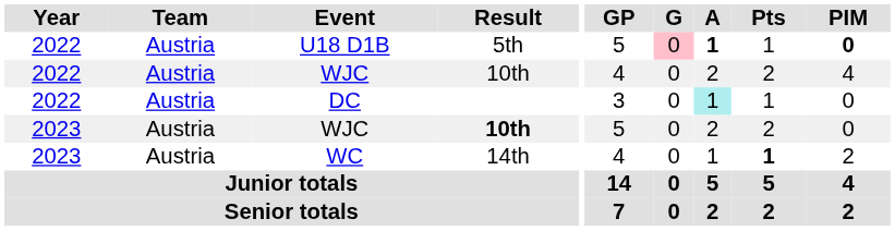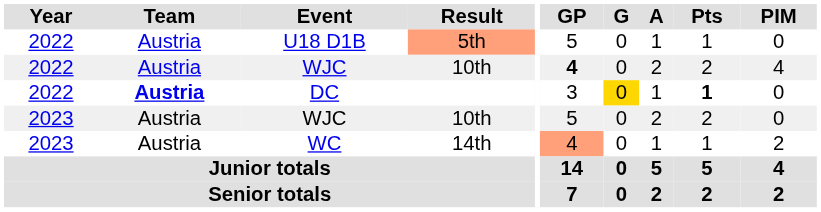 <table border="0" cellpadding="1" cellspacing="0" ID="Table3" style="text-align:center; width:40em;">
 <tr bgcolor="#e0e0e0">
 <th>Year</th>
 <th>Team</th>
 <th>Event</th>
 <th>Result</th>
 <th rowspan="99" bgcolor="#ffffff"></th>
 <th>GP</th>
 <th>G</th>
 <th>A</th>
 <th>Pts</th>
 <th>PIM</th>
 </tr>
 <tr>
 <td><a href='#'>2022</a></td>
 <td><a href='#'>Austria</a></td>
 <td><a href='#'>U18 D1B</a></td>
-<td>5th</td>
+<td style="background: lightsalmon;">5th</td>
 <td>5</td>
-<td style="background: pink;">0</td>
-<td><strong>1</strong></td>
+<td>0</td>
 <td>1</td>
-<td><strong>0</strong></td>
+<td>1</td>
+<td>0</td>
 </tr>
 <tr bgcolor="#f0f0f0">
 <td><a href='#'>2022</a></td>
 <td><a href='#'>Austria</a></td>
 <td><a href='#'>WJC</a></td>
 <td>10th</td>
-<td>4</td>
+<td><strong>4</strong></td>
 <td>0</td>
 <td>2</td>
 <td>2</td>
 <td>4</td>
 </tr>
 <tr>
 <td><a href='#'>2022</a></td>
-<td><a href='#'>Austria</a></td>
+<td><strong><a href='#'>Austria</a></strong></td>
 <td><a href='#'>DC</a></td>
 <td></td>
 <td>3</td>
-<td>0</td>
-<td style="background: paleturquoise;">1</td>
+<td style="background: gold;">0</td>
 <td>1</td>
+<td><strong>1</strong></td>
 <td>0</td>
 </tr>
 <tr bgcolor="#f0f0f0">
 <td><a href='#'>2023</a></td>
 <td>Austria</td>
 <td>WJC</td>
-<td><strong>10th</strong></td>
+<td>10th</td>
 <td>5</td>
 <td>0</td>
 <td>2</td>
 <td>2</td>
 <td>0</td>
 </tr>
 <tr>
 <td><a href='#'>2023</a></td>
 <td>Austria</td>
 <td><a href='#'>WC</a></td>
 <td>14th</td>
-<td>4</td>
+<td style="background: lightsalmon;">4</td>
 <td>0</td>
 <td>1</td>
-<td><strong>1</strong></td>
+<td>1</td>
 <td>2</td>
 </tr>
 <tr bgcolor="#e0e0e0">
 <th colspan="4">Junior totals</th>
 <th>14</th>
 <th>0</th>
 <th>5</th>
 <th>5</th>
 <th>4</th>
 </tr>
 <tr bgcolor="#e0e0e0">
 <th colspan="4">Senior totals</th>
 <th>7</th>
 <th>0</th>
 <th>2</th>
 <th>2</th>
 <th>2</th>
 </tr>
 </table>
